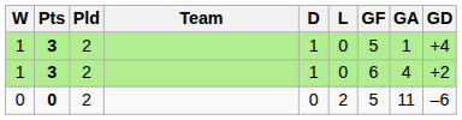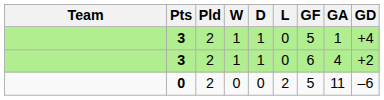 <table class="wikitable" style="text-align:center;">
 <tr>
-<th width=20  abbr="Won">W</th>
+<th width=175>Team</th>
 <th width=20  abbr="Points">Pts</th>
 <th width=20  abbr="Played">Pld</th>
-<th width=175>Team</th>
+<th width=20  abbr="Won">W</th>
 <th width=20  abbr="Drawn">D</th>
 <th width=20  abbr="Lost">L</th>
 <th width=20  abbr="Goals for">GF</th>
 <th width=20  abbr="Goals against">GA</th>
 <th width=20  abbr="Goal difference">GD</th>
 </tr>
 <tr style="background: #B0EE90;">
-<td>1</td>
+<td align=left></td>
 <td><strong>3</strong></td>
 <td>2</td>
-<td align=left></td>
+<td>1</td>
 <td>1</td>
 <td>0</td>
 <td>5</td>
 <td>1</td>
 <td>+4</td>
 </tr>
 <tr style="background: #B0EE90;">
-<td>1</td>
+<td align=left></td>
 <td><strong>3</strong></td>
 <td>2</td>
-<td align=left></td>
+<td>1</td>
 <td>1</td>
 <td>0</td>
 <td>6</td>
 <td>4</td>
 <td>+2</td>
 </tr>
 <tr>
-<td>0</td>
+<td align=left></td>
 <td><strong>0</strong></td>
 <td>2</td>
-<td align=left></td>
+<td>0</td>
 <td>0</td>
 <td>2</td>
 <td>5</td>
 <td>11</td>
 <td>–6</td>
 </tr>
 </table>
